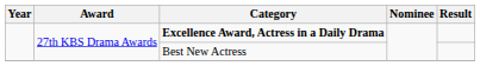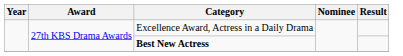 <table class="wikitable">
 <tr>
 <th>Year</th>
 <th>Award</th>
 <th>Category</th>
 <th>Nominee</th>
 <th>Result</th>
 </tr>
 <tr>
 <td rowspan="2"></td>
 <td rowspan="2"><a href='#'>27th KBS Drama Awards</a></td>
-<td><strong>Excellence Award, Actress in a Daily Drama</strong></td>
+<td>Excellence Award, Actress in a Daily Drama</td>
 <td rowspan="2"></td>
 <td></td>
 </tr>
 <tr>
-<td>Best New Actress</td>
+<td><strong>Best New Actress</strong></td>
 <td></td>
 </tr>
 <tr>
 </tr>
 </table>
